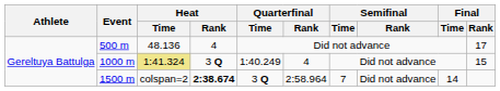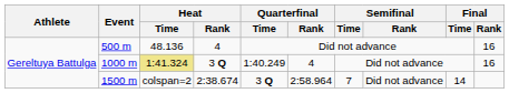 <table class="wikitable" style="font-size:90%">
 <tr>
 <th rowspan=2>Athlete</th>
 <th rowspan=2>Event</th>
 <th colspan=2>Heat</th>
 <th colspan=2>Quarterfinal</th>
 <th colspan=2>Semifinal</th>
 <th colspan=2>Final</th>
 </tr>
 <tr style="font-size:95%">
 <th>Time</th>
 <th>Rank</th>
 <th>Time</th>
 <th>Rank</th>
 <th>Time</th>
 <th>Rank</th>
 <th>Time</th>
 <th>Rank</th>
 </tr>
 <tr align=center>
 <td align=left rowspan=3><a href='#'>Gereltuya Battulga</a></td>
 <td align=left><a href='#'>500 m</a></td>
 <td>48.136</td>
 <td>4</td>
 <td colspan=5>Did not advance</td>
-<td>17</td>
+<td>16</td>
 </tr>
 <tr align=center>
 <td align=left rowspan=1><a href='#'>1000 m</a></td>
 <td style="background: khaki;">1:41.324</td>
 <td>3 <strong>Q</strong></td>
 <td>1:40.249</td>
 <td>4</td>
 <td colspan=3>Did not advance</td>
-<td>15</td>
+<td>16</td>
 </tr>
 <tr align=center>
 <td align=left><a href='#'>1500 m</a></td>
 <td>colspan=2 </td>
-<td><strong>2:38.674</strong></td>
+<td>2:38.674</td>
 <td>3 <strong>Q</strong></td>
 <td>2:58.964</td>
 <td>7</td>
 <td colspan=1>Did not advance</td>
 <td>14</td>
 </tr>
 </table>
